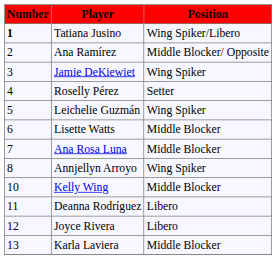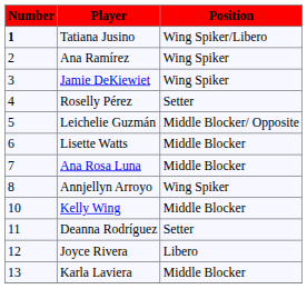 <table bgcolor="#f7f8ff" cellpadding="3" cellspacing="0" border="1" style="font-size: 95%; border: gray solid 1px; border-collapse: collapse;">
 <tr bgcolor="#ff0000">
 <td align=center><strong>Number</strong></td>
 <td align=center><strong>Player</strong></td>
 <td align=center><strong>Position</strong></td>
 </tr>
 <tr align="left">
 <td><strong>1</strong></td>
 <td> Tatiana Jusino</td>
 <td>Wing Spiker/Libero</td>
 </tr>
 <tr align="left">
 <td>2</td>
 <td> Ana Ramírez</td>
-<td>Middle Blocker/ Opposite</td>
+<td>Wing Spiker</td>
 </tr>
 <tr align="left">
 <td>3</td>
 <td> <a href='#'>Jamie DeKiewiet</a></td>
 <td>Wing Spiker</td>
 </tr>
 <tr align="left">
 <td>4</td>
 <td> Roselly Pérez</td>
 <td>Setter</td>
 </tr>
 <tr align="left">
 <td>5</td>
 <td> Leichelie Guzmán</td>
-<td>Wing Spiker</td>
+<td>Middle Blocker/ Opposite</td>
 </tr>
 <tr align="left">
 <td>6</td>
 <td> Lisette Watts</td>
 <td>Middle Blocker</td>
 </tr>
 <tr align="left">
 <td>7</td>
 <td> <a href='#'>Ana Rosa Luna</a></td>
 <td>Middle Blocker</td>
 </tr>
 <tr align="left">
 <td>8</td>
 <td> Annjellyn Arroyo</td>
 <td>Wing Spiker</td>
 </tr>
 <tr align="left">
 <td>10</td>
 <td> <a href='#'>Kelly Wing</a></td>
 <td>Middle Blocker</td>
 </tr>
 <tr align="left">
 <td>11</td>
 <td> Deanna Rodríguez</td>
-<td>Libero</td>
+<td>Setter</td>
 </tr>
 <tr align="left">
 <td>12</td>
 <td> Joyce Rivera</td>
 <td>Libero</td>
 </tr>
 <tr align="left">
 <td>13</td>
 <td> Karla Laviera</td>
 <td>Middle Blocker</td>
 </tr>
 <tr align="left">
 </tr>
 </table>
